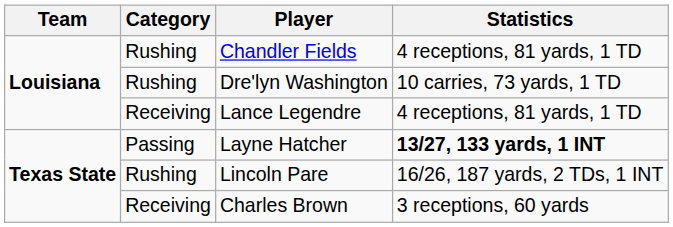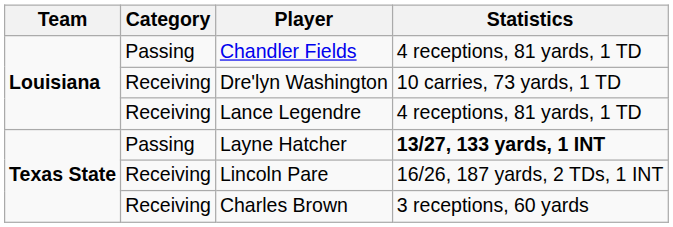 <table class="wikitable" style="float: left;">
 <tr>
 <th>Team</th>
 <th>Category</th>
 <th>Player</th>
 <th>Statistics</th>
 </tr>
 <tr>
 <td rowspan=3><strong>Louisiana</strong></td>
-<td>Rushing</td>
+<td>Passing</td>
 <td><a href='#'>Chandler Fields</a></td>
 <td>4 receptions, 81 yards, 1 TD</td>
 </tr>
 <tr>
-<td>Rushing</td>
+<td>Receiving</td>
 <td>Dre'lyn Washington</td>
 <td>10 carries, 73 yards, 1 TD</td>
 </tr>
 <tr>
 <td>Receiving</td>
 <td>Lance Legendre</td>
 <td>4 receptions, 81 yards, 1 TD</td>
 </tr>
 <tr>
 <td rowspan=3><strong>Texas State</strong></td>
 <td>Passing</td>
 <td>Layne Hatcher</td>
 <td><strong>13/27, 133 yards, 1 INT</strong></td>
 </tr>
 <tr>
-<td>Rushing</td>
+<td>Receiving</td>
 <td>Lincoln Pare</td>
 <td>16/26, 187 yards, 2 TDs, 1 INT</td>
 </tr>
 <tr>
 <td>Receiving</td>
 <td>Charles Brown</td>
 <td>3 receptions, 60 yards</td>
 </tr>
 </table>
